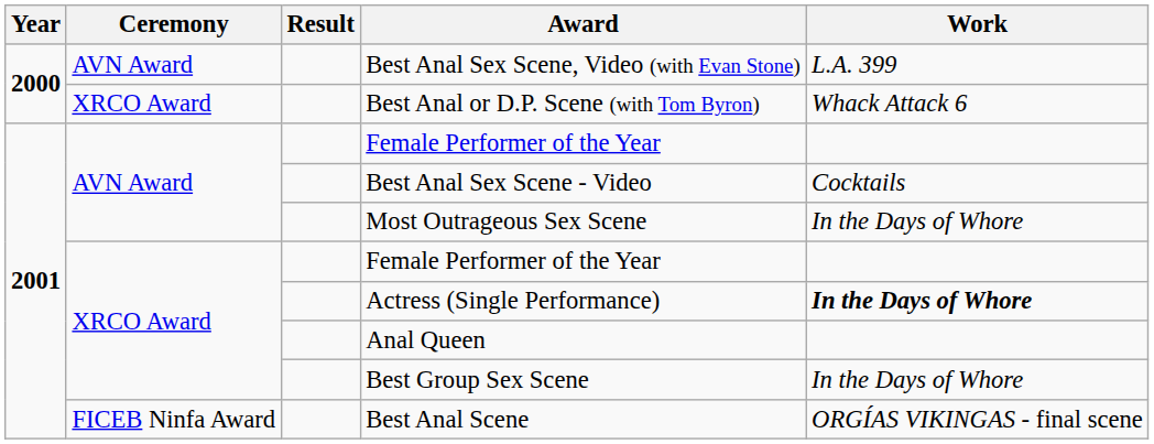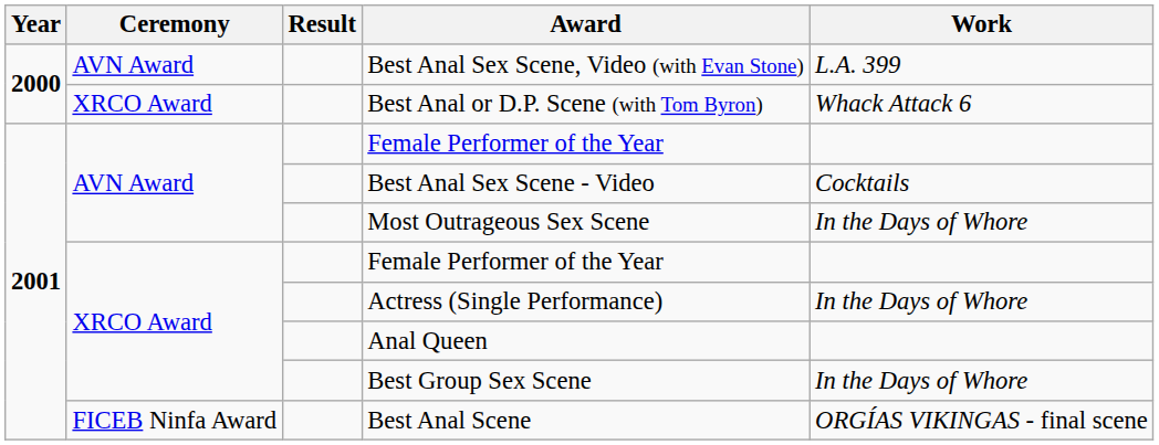 <table class="wikitable">
 <tr>
 <th>Year</th>
 <th>Ceremony</th>
 <th>Result</th>
 <th>Award</th>
 <th>Work</th>
 </tr>
 <tr>
 <td rowspan="2"><strong>2000</strong></td>
 <td><a href='#'>AVN Award</a></td>
 <td></td>
 <td>Best Anal Sex Scene, Video <small>(with <a href='#'>Evan Stone</a>)</small></td>
 <td><em>L.A. 399</em></td>
 </tr>
 <tr>
 <td><a href='#'>XRCO Award</a></td>
 <td></td>
 <td>Best Anal or D.P. Scene <small>(with <a href='#'>Tom Byron</a>)</small></td>
 <td><em>Whack Attack 6</em></td>
 </tr>
 <tr>
 <td rowspan="8"><strong>2001</strong></td>
 <td rowspan="3"><a href='#'>AVN Award</a></td>
 <td></td>
 <td><a href='#'>Female Performer of the Year</a></td>
 <td></td>
 </tr>
 <tr>
 <td></td>
 <td>Best Anal Sex Scene - Video</td>
 <td><em>Cocktails</em></td>
 </tr>
 <tr>
 <td></td>
 <td>Most Outrageous Sex Scene</td>
 <td><em>In the Days of Whore</em></td>
 </tr>
 <tr>
 <td rowspan="4"><a href='#'>XRCO Award</a></td>
 <td></td>
 <td>Female Performer of the Year</td>
 <td></td>
 </tr>
 <tr>
 <td></td>
 <td>Actress (Single Performance)</td>
-<td><strong><em>In the Days of Whore</em></strong></td>
+<td><em>In the Days of Whore</em></td>
 </tr>
 <tr>
 <td></td>
 <td>Anal Queen</td>
 <td></td>
 </tr>
 <tr>
 <td></td>
 <td>Best Group Sex Scene</td>
 <td><em>In the Days of Whore</em></td>
 </tr>
 <tr>
 <td rowspan="1"><a href='#'>FICEB</a> Ninfa Award</td>
 <td></td>
 <td>Best Anal Scene</td>
 <td><em>ORGÍAS VIKINGAS</em> - final scene</td>
 </tr>
 </table>
